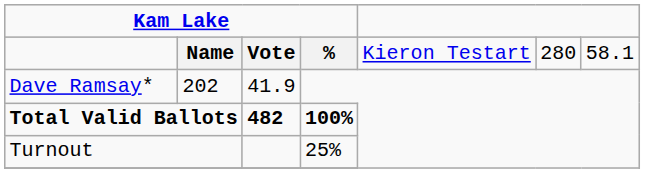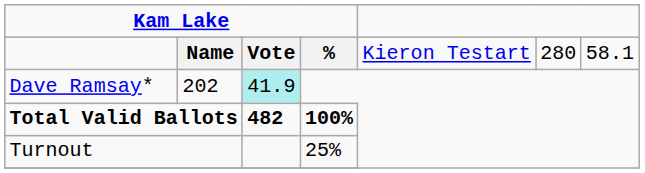 <table class="wikitable">
 <tr>
 <td colspan=4 align=center><strong><a href='#'>Kam Lake</a></strong></td>
 </tr>
 <tr>
 <td></td>
 <th><strong>Name </strong></th>
 <th><strong>Vote</strong></th>
 <th><strong>%</strong><br></th>
 <td><a href='#'>Kieron Testart</a></td>
 <td>280</td>
 <td>58.1</td>
 </tr>
 <tr>
 <td><a href='#'>Dave Ramsay</a>*</td>
 <td>202</td>
-<td>41.9</td>
+<td style="background: paleturquoise;">41.9</td>
 </tr>
 <tr>
 <td colspan=2><strong>Total Valid Ballots</strong></td>
 <td><strong>482</strong></td>
 <td><strong>100%</strong></td>
 </tr>
 <tr>
 <td colspan=2>Turnout</td>
 <td></td>
 <td>25%</td>
 </tr>
 <tr>
 </tr>
 </table>
